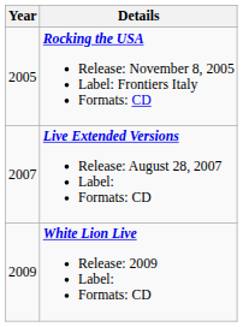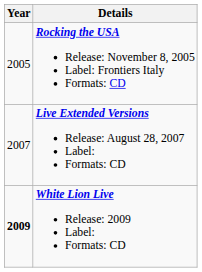 <table class="wikitable">
 <tr>
 <th>Year</th>
 <th>Details</th>
 </tr>
 <tr>
 <td align="center">2005</td>
 <td><strong><em><a href='#'>Rocking the USA</a></em></strong><br><ul><li>Release: November 8, 2005</li><li>Label: Frontiers Italy</li><li>Formats: <a href='#'>CD</a></li></ul></td>
 </tr>
 <tr>
 <td align="center">2007</td>
 <td><strong><em><a href='#'>Live Extended Versions</a></em></strong><br><ul><li>Release: August 28, 2007</li><li>Label:</li><li>Formats: CD</li></ul></td>
 </tr>
 <tr>
-<td align="center">2009</td>
+<td align="center"><strong>2009</strong></td>
 <td><strong><em><a href='#'>White Lion Live</a></em></strong><br><ul><li>Release: 2009</li><li>Label:</li><li>Formats: CD</li></ul></td>
 </tr>
 </table>
